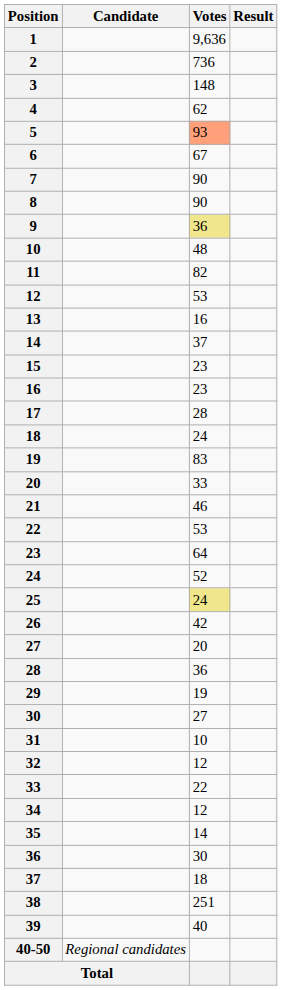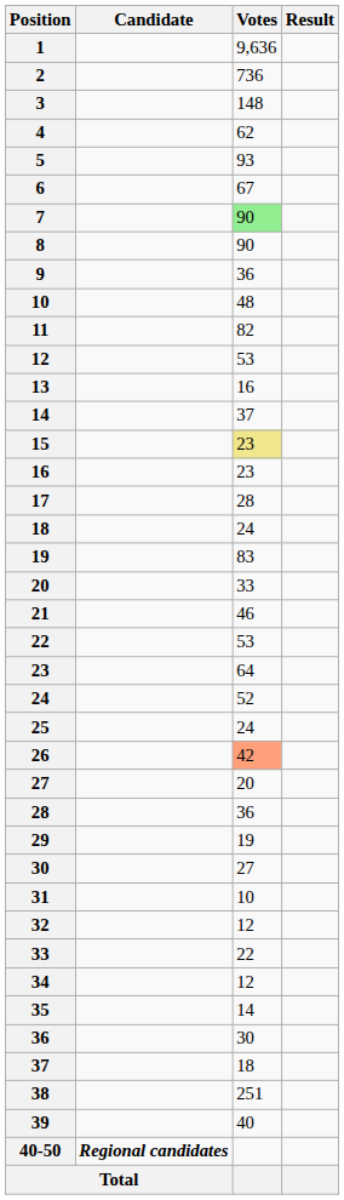 <table class="wikitable sortable col3right">
 <tr>
 <th scope="col">Position</th>
 <th scope="col">Candidate</th>
 <th scope="col">Votes</th>
 <th scope="col">Result</th>
 </tr>
 <tr>
 <th scope="row">1</th>
 <td></td>
 <td>9,636</td>
 <td></td>
 </tr>
 <tr>
 <th scope="row">2</th>
 <td></td>
 <td>736</td>
 <td></td>
 </tr>
 <tr>
 <th scope="row">3</th>
 <td></td>
 <td>148</td>
 <td></td>
 </tr>
 <tr>
 <th scope="row">4</th>
 <td></td>
 <td>62</td>
 <td></td>
 </tr>
 <tr>
 <th scope="row">5</th>
 <td></td>
-<td style="background: lightsalmon;">93</td>
+<td>93</td>
 <td></td>
 </tr>
 <tr>
 <th scope="row">6</th>
 <td></td>
 <td>67</td>
 <td></td>
 </tr>
 <tr>
 <th scope="row">7</th>
 <td></td>
-<td>90</td>
+<td style="background: lightgreen;">90</td>
 <td></td>
 </tr>
 <tr>
 <th scope="row">8</th>
 <td></td>
 <td>90</td>
 <td></td>
 </tr>
 <tr>
 <th scope="row">9</th>
 <td></td>
-<td style="background: khaki;">36</td>
+<td>36</td>
 <td></td>
 </tr>
 <tr>
 <th scope="row">10</th>
 <td></td>
 <td>48</td>
 <td></td>
 </tr>
 <tr>
 <th scope="row">11</th>
 <td></td>
 <td>82</td>
 <td></td>
 </tr>
 <tr>
 <th scope="row">12</th>
 <td></td>
 <td>53</td>
 <td></td>
 </tr>
 <tr>
 <th scope="row">13</th>
 <td></td>
 <td>16</td>
 <td></td>
 </tr>
 <tr>
 <th scope="row">14</th>
 <td></td>
 <td>37</td>
 <td></td>
 </tr>
 <tr>
 <th scope="row">15</th>
 <td></td>
-<td>23</td>
+<td style="background: khaki;">23</td>
 <td></td>
 </tr>
 <tr>
 <th scope="row">16</th>
 <td></td>
 <td>23</td>
 <td></td>
 </tr>
 <tr>
 <th scope="row">17</th>
 <td></td>
 <td>28</td>
 <td></td>
 </tr>
 <tr>
 <th scope="row">18</th>
 <td></td>
 <td>24</td>
 <td></td>
 </tr>
 <tr>
 <th scope="row">19</th>
 <td></td>
 <td>83</td>
 <td></td>
 </tr>
 <tr>
 <th scope="row">20</th>
 <td></td>
 <td>33</td>
 <td></td>
 </tr>
 <tr>
 <th scope="row">21</th>
 <td></td>
 <td>46</td>
 <td></td>
 </tr>
 <tr>
 <th scope="row">22</th>
 <td></td>
 <td>53</td>
 <td></td>
 </tr>
 <tr>
 <th scope="row">23</th>
 <td></td>
 <td>64</td>
 <td></td>
 </tr>
 <tr>
 <th scope="row">24</th>
 <td></td>
 <td>52</td>
 <td></td>
 </tr>
 <tr>
 <th scope="row">25</th>
 <td></td>
-<td style="background: khaki;">24</td>
+<td>24</td>
 <td></td>
 </tr>
 <tr>
 <th scope="row">26</th>
 <td></td>
-<td>42</td>
+<td style="background: lightsalmon;">42</td>
 <td></td>
 </tr>
 <tr>
 <th scope="row">27</th>
 <td></td>
 <td>20</td>
 <td></td>
 </tr>
 <tr>
 <th scope="row">28</th>
 <td></td>
 <td>36</td>
 <td></td>
 </tr>
 <tr>
 <th scope="row">29</th>
 <td></td>
 <td>19</td>
 <td></td>
 </tr>
 <tr>
 <th scope="row">30</th>
 <td></td>
 <td>27</td>
 <td></td>
 </tr>
 <tr>
 <th scope="row">31</th>
 <td></td>
 <td>10</td>
 <td></td>
 </tr>
 <tr>
 <th scope="row">32</th>
 <td></td>
 <td>12</td>
 <td></td>
 </tr>
 <tr>
 <th scope="row">33</th>
 <td></td>
 <td>22</td>
 <td></td>
 </tr>
 <tr>
 <th scope="row">34</th>
 <td></td>
 <td>12</td>
 <td></td>
 </tr>
 <tr>
 <th scope="row">35</th>
 <td></td>
 <td>14</td>
 <td></td>
 </tr>
 <tr>
 <th scope="row">36</th>
 <td></td>
 <td>30</td>
 <td></td>
 </tr>
 <tr>
 <th scope="row">37</th>
 <td></td>
 <td>18</td>
 <td></td>
 </tr>
 <tr>
 <th scope="row">38</th>
 <td></td>
 <td>251</td>
 <td></td>
 </tr>
 <tr>
 <th scope="row">39</th>
 <td></td>
 <td>40</td>
 <td></td>
 </tr>
 <tr>
 <th scope="row">40-50</th>
-<td><em>Regional candidates</em></td>
+<td><strong><em>Regional candidates</em></strong></td>
 <td></td>
 <td></td>
 </tr>
 <tr class="sortbottom">
 <th scope="row" colspan="2">Total</th>
 <th></th>
 <th></th>
 </tr>
 </table>
